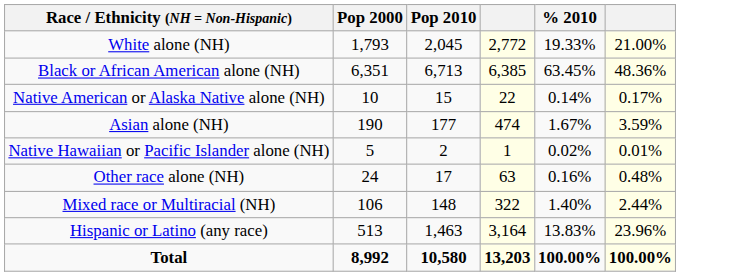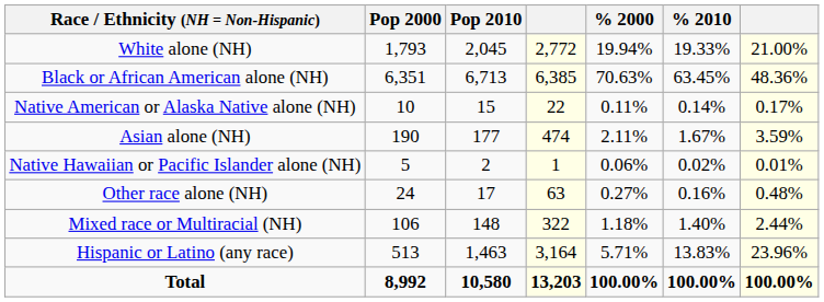 <table class="wikitable" style="text-align:center;">
 <tr>
 <th>Race / Ethnicity <small>(<em>NH = Non-Hispanic</em>)</small></th>
 <th>Pop 2000</th>
 <th>Pop 2010</th>
 <th></th>
+<th>% 2000</th>
 <th>% 2010</th>
 <th></th>
 </tr>
 <tr>
 <td><a href='#'>White</a> alone (NH)</td>
 <td>1,793</td>
 <td>2,045</td>
 <td style='background: #ffffe6;'>2,772</td>
+<td>19.94%</td>
 <td>19.33%</td>
 <td style='background: #ffffe6;'>21.00%</td>
 </tr>
 <tr>
 <td><a href='#'>Black or African American</a> alone (NH)</td>
 <td>6,351</td>
 <td>6,713</td>
 <td style='background: #ffffe6;'>6,385</td>
+<td>70.63%</td>
 <td>63.45%</td>
 <td style='background: #ffffe6;'>48.36%</td>
 </tr>
 <tr>
 <td><a href='#'>Native American</a> or <a href='#'>Alaska Native</a> alone (NH)</td>
 <td>10</td>
 <td>15</td>
 <td style='background: #ffffe6;'>22</td>
+<td>0.11%</td>
 <td>0.14%</td>
 <td style='background: #ffffe6;'>0.17%</td>
 </tr>
 <tr>
 <td><a href='#'>Asian</a> alone (NH)</td>
 <td>190</td>
 <td>177</td>
 <td style='background: #ffffe6;'>474</td>
+<td>2.11%</td>
 <td>1.67%</td>
 <td style='background: #ffffe6;'>3.59%</td>
 </tr>
 <tr>
 <td><a href='#'>Native Hawaiian</a> or <a href='#'>Pacific Islander</a> alone (NH)</td>
 <td>5</td>
 <td>2</td>
 <td style='background: #ffffe6;'>1</td>
+<td>0.06%</td>
 <td>0.02%</td>
 <td style='background: #ffffe6;'>0.01%</td>
 </tr>
 <tr>
 <td><a href='#'>Other race</a> alone (NH)</td>
 <td>24</td>
 <td>17</td>
 <td style='background: #ffffe6;'>63</td>
+<td>0.27%</td>
 <td>0.16%</td>
 <td style='background: #ffffe6;'>0.48%</td>
 </tr>
 <tr>
 <td><a href='#'>Mixed race or Multiracial</a> (NH)</td>
 <td>106</td>
 <td>148</td>
 <td style='background: #ffffe6;'>322</td>
+<td>1.18%</td>
 <td>1.40%</td>
 <td style='background: #ffffe6;'>2.44%</td>
 </tr>
 <tr>
 <td><a href='#'>Hispanic or Latino</a> (any race)</td>
 <td>513</td>
 <td>1,463</td>
 <td style='background: #ffffe6;'>3,164</td>
+<td>5.71%</td>
 <td>13.83%</td>
 <td style='background: #ffffe6;'>23.96%</td>
 </tr>
 <tr>
 <td><strong>Total</strong></td>
 <td><strong>8,992</strong></td>
 <td><strong>10,580</strong></td>
 <td style='background: #ffffe6;'><strong>13,203</strong></td>
 <td><strong>100.00%</strong></td>
+<td><strong>100.00%</strong></td>
 <td style='background: #ffffe6;'><strong>100.00%</strong></td>
 </tr>
 </table>
